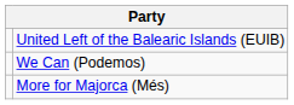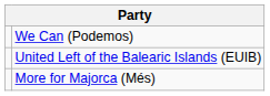 <table class="wikitable" style="text-align:left;">
 <tr>
 <th colspan="2">Party</th>
-</tr>
-<tr>
-<td></td>
-<td><a href='#'>United Left of the Balearic Islands</a> (EUIB)</td>
 </tr>
 <tr>
 <td width="1"></td>
 <td><a href='#'>We Can</a> (Podemos)</td>
 </tr>
 <tr>
 <td></td>
+<td><a href='#'>United Left of the Balearic Islands</a> (EUIB)</td>
+</tr>
+<tr>
+<td></td>
 <td><a href='#'>More for Majorca</a> (Més)</td>
 </tr>
 </table>
